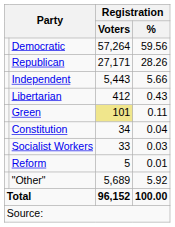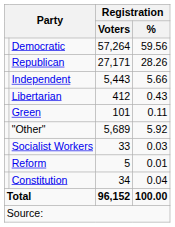 <table class="wikitable">
 <tr>
 <th colspan="2" rowspan="2">Party</th>
 <th colspan="2">Registration</th>
 </tr>
 <tr>
 <th>Voters</th>
 <th>%</th>
 </tr>
 <tr>
 <td style="background-color:"></td>
 <td><a href='#'>Democratic</a></td>
 <td style="text-align:right;">57,264</td>
 <td style="text-align:right;">59.56</td>
 </tr>
 <tr>
 <td style="background-color:"></td>
 <td><a href='#'>Republican</a></td>
 <td style="text-align:right;">27,171</td>
 <td style="text-align:right;">28.26</td>
 </tr>
 <tr>
 <td style="background-color:"></td>
 <td><a href='#'>Independent</a></td>
 <td style="text-align:right;">5,443</td>
 <td style="text-align:right;">5.66</td>
 </tr>
 <tr>
 <td style="background-color:"></td>
 <td><a href='#'>Libertarian</a></td>
 <td style="text-align:right;">412</td>
 <td style="text-align:right;">0.43</td>
 </tr>
 <tr>
 <td style="background-color:"></td>
 <td><a href='#'>Green</a></td>
-<td style="background: khaki; text-align:right;">101</td>
+<td style="text-align:right;">101</td>
 <td style="text-align:right;">0.11</td>
 </tr>
 <tr>
-<td style="background-color:"></td>
-<td><a href='#'>Constitution</a></td>
-<td style="text-align:right;">34</td>
-<td style="text-align:right;">0.04</td>
+<td></td>
+<td>"Other"</td>
+<td style="text-align:right;">5,689</td>
+<td style="text-align:right;">5.92</td>
 </tr>
 <tr>
 <td style="background-color:"></td>
 <td><a href='#'>Socialist Workers</a></td>
 <td style="text-align:right;">33</td>
 <td style="text-align:right;">0.03</td>
 </tr>
 <tr>
 <td style="background-color:"></td>
 <td><a href='#'>Reform</a></td>
 <td style="text-align:right;">5</td>
 <td style="text-align:right;">0.01</td>
 </tr>
 <tr>
-<td></td>
-<td>"Other"</td>
-<td style="text-align:right;">5,689</td>
-<td style="text-align:right;">5.92</td>
+<td style="background-color:"></td>
+<td><a href='#'>Constitution</a></td>
+<td style="text-align:right;">34</td>
+<td style="text-align:right;">0.04</td>
 </tr>
 <tr>
 <td colspan="2"><strong>Total</strong></td>
 <td style="text-align:right;"><strong>96,152</strong></td>
 <td style="text-align:right;"><strong>100.00</strong></td>
 </tr>
 <tr>
 <td colspan="4">Source: <em></em></td>
 </tr>
 </table>
